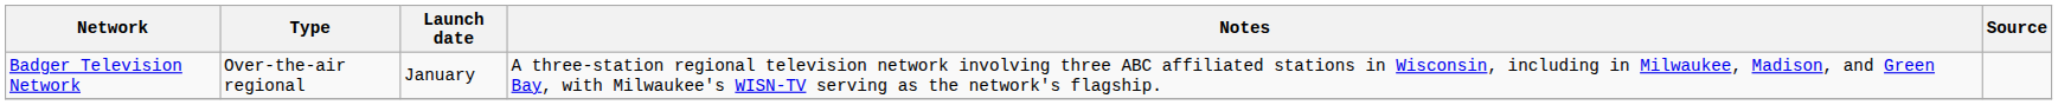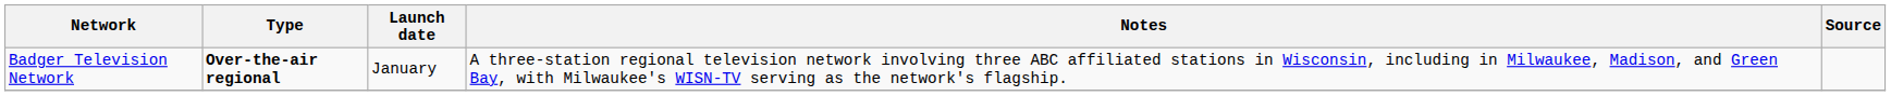 <table class="wikitable sortable">
 <tr>
 <th>Network</th>
 <th>Type</th>
 <th>Launch date</th>
 <th>Notes</th>
 <th>Source</th>
 </tr>
 <tr>
 <td><a href='#'>Badger Television Network</a></td>
-<td>Over-the-air regional</td>
+<td><strong>Over-the-air regional</strong></td>
 <td>January</td>
 <td>A three-station regional television network involving three ABC affiliated stations in <a href='#'>Wisconsin</a>, including in <a href='#'>Milwaukee</a>, <a href='#'>Madison</a>, and <a href='#'>Green Bay</a>, with Milwaukee's <a href='#'>WISN-TV</a> serving as the network's flagship.</td>
 <td></td>
 </tr>
 <tr>
 </tr>
 </table>
